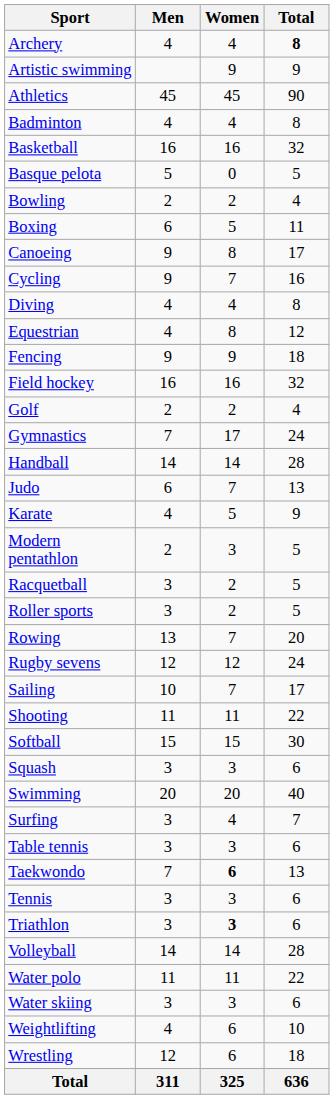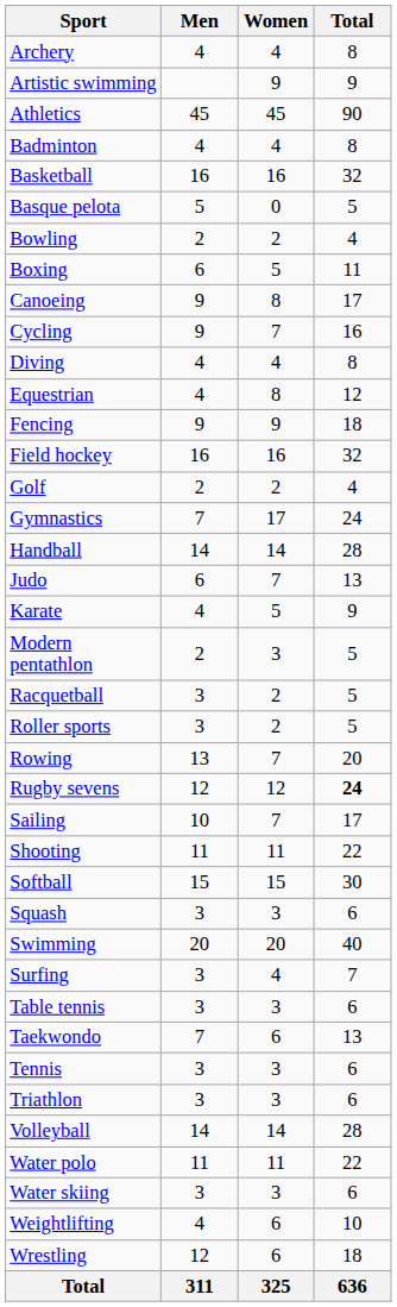 <table class="wikitable sortable" style=text-align:center>
 <tr>
 <th width=120>Sport</th>
 <th width=55>Men</th>
 <th width=55>Women</th>
 <th width=55>Total</th>
 </tr>
 <tr>
 <td align=left><a href='#'>Archery</a></td>
 <td>4</td>
 <td>4</td>
-<td><strong>8</strong></td>
+<td>8</td>
 </tr>
 <tr>
 <td align=left><a href='#'>Artistic swimming</a></td>
 <td></td>
 <td>9</td>
 <td>9</td>
 </tr>
 <tr>
 <td align=left><a href='#'>Athletics</a></td>
 <td>45</td>
 <td>45</td>
 <td>90</td>
 </tr>
 <tr>
 <td align=left><a href='#'>Badminton</a></td>
 <td>4</td>
 <td>4</td>
 <td>8</td>
 </tr>
 <tr>
 <td align=left><a href='#'>Basketball</a></td>
 <td>16</td>
 <td>16</td>
 <td>32</td>
 </tr>
 <tr>
 <td align=left><a href='#'>Basque pelota</a></td>
 <td>5</td>
 <td>0</td>
 <td>5</td>
 </tr>
 <tr>
 <td align=left><a href='#'>Bowling</a></td>
 <td>2</td>
 <td>2</td>
 <td>4</td>
 </tr>
 <tr>
 <td align=left><a href='#'>Boxing</a></td>
 <td>6</td>
 <td>5</td>
 <td>11</td>
 </tr>
 <tr>
 <td align=left><a href='#'>Canoeing</a></td>
 <td>9</td>
 <td>8</td>
 <td>17</td>
 </tr>
 <tr>
 <td align=left><a href='#'>Cycling</a></td>
 <td>9</td>
 <td>7</td>
 <td>16</td>
 </tr>
 <tr>
 <td align=left><a href='#'>Diving</a></td>
 <td>4</td>
 <td>4</td>
 <td>8</td>
 </tr>
 <tr>
 <td align=left><a href='#'>Equestrian</a></td>
 <td>4</td>
 <td>8</td>
 <td>12</td>
 </tr>
 <tr>
 <td align=left><a href='#'>Fencing</a></td>
 <td>9</td>
 <td>9</td>
 <td>18</td>
 </tr>
 <tr>
 <td align=left><a href='#'>Field hockey</a></td>
 <td>16</td>
 <td>16</td>
 <td>32</td>
 </tr>
 <tr>
 <td align=left><a href='#'>Golf</a></td>
 <td>2</td>
 <td>2</td>
 <td>4</td>
 </tr>
 <tr>
 <td align=left><a href='#'>Gymnastics</a></td>
 <td>7</td>
 <td>17</td>
 <td>24</td>
 </tr>
 <tr>
 <td align=left><a href='#'>Handball</a></td>
 <td>14</td>
 <td>14</td>
 <td>28</td>
 </tr>
 <tr>
 <td align=left><a href='#'>Judo</a></td>
 <td>6</td>
 <td>7</td>
 <td>13</td>
 </tr>
 <tr>
 <td align=left><a href='#'>Karate</a></td>
 <td>4</td>
 <td>5</td>
 <td>9</td>
 </tr>
 <tr>
 <td align=left><a href='#'>Modern pentathlon</a></td>
 <td>2</td>
 <td>3</td>
 <td>5</td>
 </tr>
 <tr>
 <td align=left><a href='#'>Racquetball</a></td>
 <td>3</td>
 <td>2</td>
 <td>5</td>
 </tr>
 <tr>
 <td align=left><a href='#'>Roller sports</a></td>
 <td>3</td>
 <td>2</td>
 <td>5</td>
 </tr>
 <tr>
 <td align=left><a href='#'>Rowing</a></td>
 <td>13</td>
 <td>7</td>
 <td>20</td>
 </tr>
 <tr>
 <td align=left><a href='#'>Rugby sevens</a></td>
 <td>12</td>
 <td>12</td>
-<td>24</td>
+<td><strong>24</strong></td>
 </tr>
 <tr>
 <td align=left><a href='#'>Sailing</a></td>
 <td>10</td>
 <td>7</td>
 <td>17</td>
 </tr>
 <tr>
 <td align=left><a href='#'>Shooting</a></td>
 <td>11</td>
 <td>11</td>
 <td>22</td>
 </tr>
 <tr>
 <td align=left><a href='#'>Softball</a></td>
 <td>15</td>
 <td>15</td>
 <td>30</td>
 </tr>
 <tr>
 <td align=left><a href='#'>Squash</a></td>
 <td>3</td>
 <td>3</td>
 <td>6</td>
 </tr>
 <tr>
 <td align=left><a href='#'>Swimming</a></td>
 <td>20</td>
 <td>20</td>
 <td>40</td>
 </tr>
 <tr>
 <td align=left><a href='#'>Surfing</a></td>
 <td>3</td>
 <td>4</td>
 <td>7</td>
 </tr>
 <tr>
 <td align=left><a href='#'>Table tennis</a></td>
 <td>3</td>
 <td>3</td>
 <td>6</td>
 </tr>
 <tr>
 <td align=left><a href='#'>Taekwondo</a></td>
 <td>7</td>
-<td><strong>6</strong></td>
+<td>6</td>
 <td>13</td>
 </tr>
 <tr>
 <td align=left><a href='#'>Tennis</a></td>
 <td>3</td>
 <td>3</td>
 <td>6</td>
 </tr>
 <tr>
 <td align=left><a href='#'>Triathlon</a></td>
 <td>3</td>
-<td><strong>3</strong></td>
+<td>3</td>
 <td>6</td>
 </tr>
 <tr>
 <td align=left><a href='#'>Volleyball</a></td>
 <td>14</td>
 <td>14</td>
 <td>28</td>
 </tr>
 <tr>
 <td align=left><a href='#'>Water polo</a></td>
 <td>11</td>
 <td>11</td>
 <td>22</td>
 </tr>
 <tr>
 <td align=left><a href='#'>Water skiing</a></td>
 <td>3</td>
 <td>3</td>
 <td>6</td>
 </tr>
 <tr>
 <td align=left><a href='#'>Weightlifting</a></td>
 <td>4</td>
 <td>6</td>
 <td>10</td>
 </tr>
 <tr>
 <td align=left><a href='#'>Wrestling</a></td>
 <td>12</td>
 <td>6</td>
 <td>18</td>
 </tr>
 <tr>
 <th>Total</th>
 <th>311</th>
 <th>325</th>
 <th>636</th>
 </tr>
 </table>
